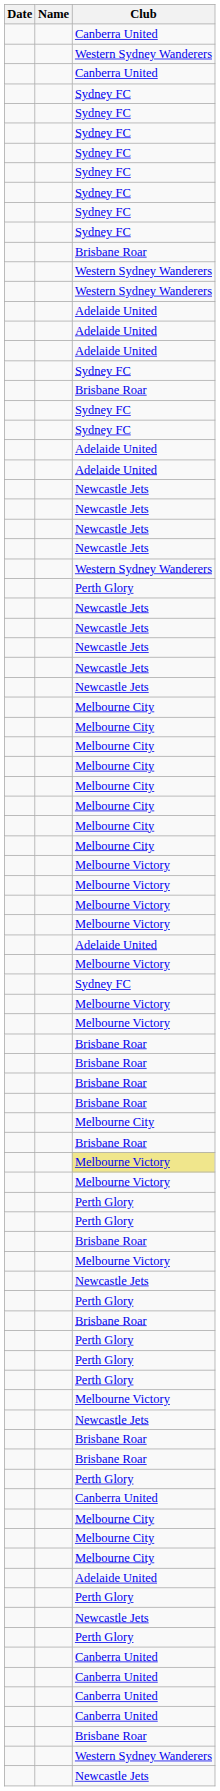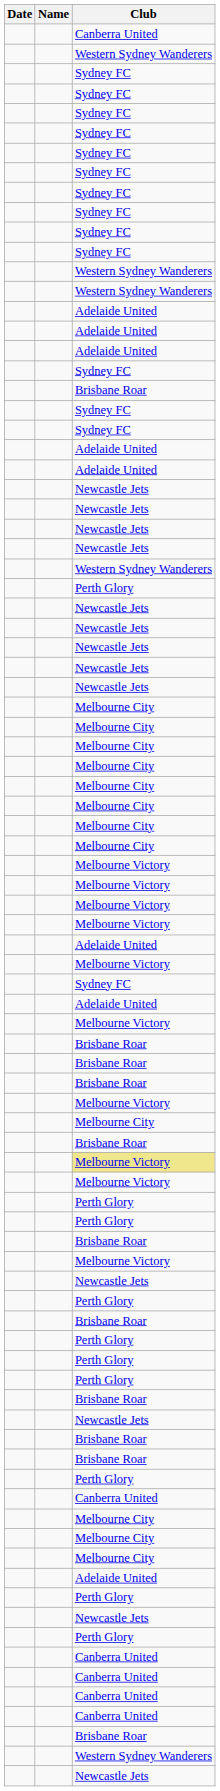 <table class="wikitable sortable">
 <tr>
 <th>Date</th>
 <th>Name</th>
 <th>Club</th>
 </tr>
 <tr>
 <td></td>
 <td></td>
 <td><a href='#'>Canberra United</a></td>
 </tr>
 <tr>
 <td></td>
 <td></td>
 <td><a href='#'>Western Sydney Wanderers</a></td>
-</tr>
-<tr>
-<td></td>
-<td></td>
-<td><a href='#'>Canberra United</a></td>
 </tr>
 <tr>
 <td></td>
 <td></td>
 <td><a href='#'>Sydney FC</a></td>
 </tr>
 <tr>
 <td></td>
 <td></td>
 <td><a href='#'>Sydney FC</a></td>
 </tr>
 <tr>
 <td></td>
 <td></td>
 <td><a href='#'>Sydney FC</a></td>
 </tr>
 <tr>
 <td></td>
 <td></td>
 <td><a href='#'>Sydney FC</a></td>
 </tr>
 <tr>
 <td></td>
 <td></td>
 <td><a href='#'>Sydney FC</a></td>
 </tr>
 <tr>
 <td></td>
 <td></td>
 <td><a href='#'>Sydney FC</a></td>
 </tr>
 <tr>
 <td></td>
 <td></td>
 <td><a href='#'>Sydney FC</a></td>
 </tr>
 <tr>
 <td></td>
 <td></td>
 <td><a href='#'>Sydney FC</a></td>
 </tr>
 <tr>
 <td></td>
 <td></td>
-<td><a href='#'>Brisbane Roar</a></td>
+<td><a href='#'>Sydney FC</a></td>
+</tr>
+<tr>
+<td></td>
+<td></td>
+<td><a href='#'>Sydney FC</a></td>
 </tr>
 <tr>
 <td></td>
 <td></td>
 <td><a href='#'>Western Sydney Wanderers</a></td>
 </tr>
 <tr>
 <td></td>
 <td></td>
 <td><a href='#'>Western Sydney Wanderers</a></td>
 </tr>
 <tr>
 <td></td>
 <td></td>
 <td><a href='#'>Adelaide United</a></td>
 </tr>
 <tr>
 <td></td>
 <td></td>
 <td><a href='#'>Adelaide United</a></td>
 </tr>
 <tr>
 <td></td>
 <td></td>
 <td><a href='#'>Adelaide United</a></td>
 </tr>
 <tr>
 <td></td>
 <td></td>
 <td><a href='#'>Sydney FC</a></td>
 </tr>
 <tr>
 <td></td>
 <td></td>
 <td><a href='#'>Brisbane Roar</a></td>
 </tr>
 <tr>
 <td></td>
 <td></td>
 <td><a href='#'>Sydney FC</a></td>
 </tr>
 <tr>
 <td></td>
 <td></td>
 <td><a href='#'>Sydney FC</a></td>
 </tr>
 <tr>
 <td></td>
 <td></td>
 <td><a href='#'>Adelaide United</a></td>
 </tr>
 <tr>
 <td></td>
 <td></td>
 <td><a href='#'>Adelaide United</a></td>
 </tr>
 <tr>
 <td></td>
 <td></td>
 <td><a href='#'>Newcastle Jets</a></td>
 </tr>
 <tr>
 <td></td>
 <td></td>
 <td><a href='#'>Newcastle Jets</a></td>
 </tr>
 <tr>
 <td></td>
 <td></td>
 <td><a href='#'>Newcastle Jets</a></td>
 </tr>
 <tr>
 <td></td>
 <td></td>
 <td><a href='#'>Newcastle Jets</a></td>
 </tr>
 <tr>
 <td></td>
 <td></td>
 <td><a href='#'>Western Sydney Wanderers</a></td>
 </tr>
 <tr>
 <td></td>
 <td></td>
 <td><a href='#'>Perth Glory</a></td>
 </tr>
 <tr>
 <td></td>
 <td></td>
 <td><a href='#'>Newcastle Jets</a></td>
 </tr>
 <tr>
 <td></td>
 <td></td>
 <td><a href='#'>Newcastle Jets</a></td>
 </tr>
 <tr>
 <td></td>
 <td></td>
 <td><a href='#'>Newcastle Jets</a></td>
 </tr>
 <tr>
 <td></td>
 <td></td>
 <td><a href='#'>Newcastle Jets</a></td>
 </tr>
 <tr>
 <td></td>
 <td></td>
 <td><a href='#'>Newcastle Jets</a></td>
 </tr>
 <tr>
 <td></td>
 <td></td>
 <td><a href='#'>Melbourne City</a></td>
 </tr>
 <tr>
 <td></td>
 <td></td>
 <td><a href='#'>Melbourne City</a></td>
 </tr>
 <tr>
 <td></td>
 <td></td>
 <td><a href='#'>Melbourne City</a></td>
 </tr>
 <tr>
 <td></td>
 <td></td>
 <td><a href='#'>Melbourne City</a></td>
 </tr>
 <tr>
 <td></td>
 <td></td>
 <td><a href='#'>Melbourne City</a></td>
 </tr>
 <tr>
 <td></td>
 <td></td>
 <td><a href='#'>Melbourne City</a></td>
 </tr>
 <tr>
 <td></td>
 <td></td>
 <td><a href='#'>Melbourne City</a></td>
 </tr>
 <tr>
 <td></td>
 <td></td>
 <td><a href='#'>Melbourne City</a></td>
 </tr>
 <tr>
 <td></td>
 <td></td>
 <td><a href='#'>Melbourne Victory</a></td>
 </tr>
 <tr>
 <td></td>
 <td></td>
 <td><a href='#'>Melbourne Victory</a></td>
 </tr>
 <tr>
 <td></td>
 <td></td>
 <td><a href='#'>Melbourne Victory</a></td>
 </tr>
 <tr>
 <td></td>
 <td></td>
 <td><a href='#'>Melbourne Victory</a></td>
 </tr>
 <tr>
 <td></td>
 <td></td>
 <td><a href='#'>Adelaide United</a></td>
 </tr>
 <tr>
 <td></td>
 <td></td>
 <td><a href='#'>Melbourne Victory</a></td>
 </tr>
 <tr>
 <td></td>
 <td></td>
 <td><a href='#'>Sydney FC</a></td>
 </tr>
 <tr>
 <td></td>
 <td></td>
-<td><a href='#'>Melbourne Victory</a></td>
+<td><a href='#'>Adelaide United</a></td>
 </tr>
 <tr>
 <td></td>
 <td></td>
 <td><a href='#'>Melbourne Victory</a></td>
 </tr>
 <tr>
 <td></td>
 <td></td>
 <td><a href='#'>Brisbane Roar</a></td>
 </tr>
 <tr>
 <td></td>
 <td></td>
 <td><a href='#'>Brisbane Roar</a></td>
 </tr>
 <tr>
 <td></td>
 <td></td>
 <td><a href='#'>Brisbane Roar</a></td>
 </tr>
 <tr>
 <td></td>
 <td></td>
-<td><a href='#'>Brisbane Roar</a></td>
+<td><a href='#'>Melbourne Victory</a></td>
 </tr>
 <tr>
 <td></td>
 <td></td>
 <td><a href='#'>Melbourne City</a></td>
 </tr>
 <tr>
 <td></td>
 <td></td>
 <td><a href='#'>Brisbane Roar</a></td>
 </tr>
 <tr>
 <td></td>
 <td></td>
 <td style="background: khaki;"><a href='#'>Melbourne Victory</a></td>
 </tr>
 <tr>
 <td></td>
 <td></td>
 <td><a href='#'>Melbourne Victory</a></td>
 </tr>
 <tr>
 <td></td>
 <td></td>
 <td><a href='#'>Perth Glory</a></td>
 </tr>
 <tr>
 <td></td>
 <td></td>
 <td><a href='#'>Perth Glory</a></td>
 </tr>
 <tr>
 <td></td>
 <td></td>
 <td><a href='#'>Brisbane Roar</a></td>
 </tr>
 <tr>
 <td></td>
 <td></td>
 <td><a href='#'>Melbourne Victory</a></td>
 </tr>
 <tr>
 <td></td>
 <td></td>
 <td><a href='#'>Newcastle Jets</a></td>
 </tr>
 <tr>
 <td></td>
 <td></td>
 <td><a href='#'>Perth Glory</a></td>
 </tr>
 <tr>
 <td></td>
 <td></td>
 <td><a href='#'>Brisbane Roar</a></td>
 </tr>
 <tr>
 <td></td>
 <td></td>
 <td><a href='#'>Perth Glory</a></td>
 </tr>
 <tr>
 <td></td>
 <td></td>
 <td><a href='#'>Perth Glory</a></td>
 </tr>
 <tr>
 <td></td>
 <td></td>
 <td><a href='#'>Perth Glory</a></td>
 </tr>
 <tr>
 <td></td>
 <td></td>
-<td><a href='#'>Melbourne Victory</a></td>
+<td><a href='#'>Brisbane Roar</a></td>
 </tr>
 <tr>
 <td></td>
 <td></td>
 <td><a href='#'>Newcastle Jets</a></td>
 </tr>
 <tr>
 <td></td>
 <td></td>
 <td><a href='#'>Brisbane Roar</a></td>
 </tr>
 <tr>
 <td></td>
 <td></td>
 <td><a href='#'>Brisbane Roar</a></td>
 </tr>
 <tr>
 <td></td>
 <td></td>
 <td><a href='#'>Perth Glory</a></td>
 </tr>
 <tr>
 <td></td>
 <td></td>
 <td><a href='#'>Canberra United</a></td>
 </tr>
 <tr>
 <td></td>
 <td></td>
 <td><a href='#'>Melbourne City</a></td>
 </tr>
 <tr>
 <td></td>
 <td></td>
 <td><a href='#'>Melbourne City</a></td>
 </tr>
 <tr>
 <td></td>
 <td></td>
 <td><a href='#'>Melbourne City</a></td>
 </tr>
 <tr>
 <td></td>
 <td></td>
 <td><a href='#'>Adelaide United</a></td>
 </tr>
 <tr>
 <td></td>
 <td></td>
 <td><a href='#'>Perth Glory</a></td>
 </tr>
 <tr>
 <td></td>
 <td></td>
 <td><a href='#'>Newcastle Jets</a></td>
 </tr>
 <tr>
 <td></td>
 <td></td>
 <td><a href='#'>Perth Glory</a></td>
 </tr>
 <tr>
 <td></td>
 <td></td>
 <td><a href='#'>Canberra United</a></td>
 </tr>
 <tr>
 <td></td>
 <td></td>
 <td><a href='#'>Canberra United</a></td>
 </tr>
 <tr>
 <td></td>
 <td></td>
 <td><a href='#'>Canberra United</a></td>
 </tr>
 <tr>
 <td></td>
 <td></td>
 <td><a href='#'>Canberra United</a></td>
 </tr>
 <tr>
 <td></td>
 <td></td>
 <td><a href='#'>Brisbane Roar</a></td>
 </tr>
 <tr>
 <td></td>
 <td></td>
 <td><a href='#'>Western Sydney Wanderers</a></td>
 </tr>
 <tr>
 <td></td>
 <td></td>
 <td><a href='#'>Newcastle Jets</a></td>
 </tr>
 </table>
